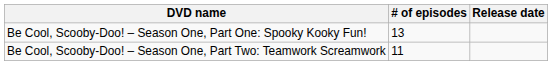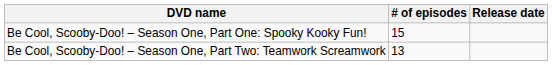 <table class="wikitable">
 <tr>
 <th>DVD name</th>
 <th># of episodes</th>
 <th>Release date</th>
 </tr>
 <tr>
 <td>Be Cool, Scooby-Doo! – Season One, Part One: Spooky Kooky Fun!</td>
-<td>13</td>
+<td>15</td>
 <td></td>
 </tr>
 <tr>
 <td>Be Cool, Scooby-Doo! – Season One, Part Two: Teamwork Screamwork</td>
-<td>11</td>
+<td>13</td>
 <td></td>
 </tr>
 </table>
